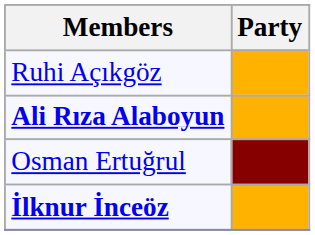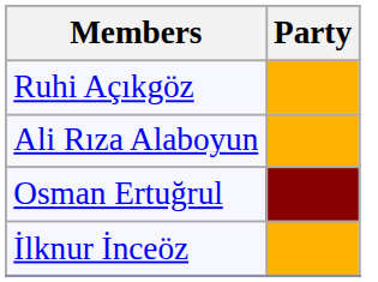 <table class=wikitable style="border:1px solid #8888aa; background-color:#f7f8ff; padding:0px; font-size:90%;">
 <tr>
 <th>Members</th>
 <th colspan="2">Party</th>
 </tr>
 <tr>
 <td><a href='#'>Ruhi Açıkgöz</a></td>
 <td style="background: #ffb300"></td>
 </tr>
 <tr>
-<td><strong><a href='#'>Ali Rıza Alaboyun</a></strong></td>
+<td><a href='#'>Ali Rıza Alaboyun</a></td>
 <td style="background: #ffb300"></td>
 </tr>
 <tr>
 <td><a href='#'>Osman Ertuğrul</a></td>
 <td style="background: #870000"></td>
 </tr>
 <tr>
-<td><strong><a href='#'>İlknur İnceöz</a></strong></td>
+<td><a href='#'>İlknur İnceöz</a></td>
 <td style="background: #ffb300"></td>
 </tr>
 <tr>
 </tr>
 </table>
